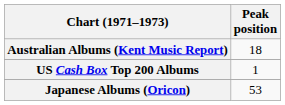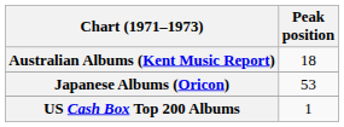 <table class="wikitable sortable plainrowheaders">
 <tr>
 <th>Chart (1971–1973)</th>
 <th>Peak<br>position</th>
 </tr>
 <tr>
 <th scope="row">Australian Albums (<a href='#'>Kent Music Report</a>)</th>
 <td align="center">18</td>
 </tr>
 <tr>
 </tr>
 <tr>
-<th scope="row">US <em><a href='#'>Cash Box</a></em> Top 200 Albums</th>
-<td align="center">1</td>
+<th scope="row">Japanese Albums (<a href='#'>Oricon</a>)</th>
+<td align="center">53</td>
 </tr>
 <tr>
 </tr>
 <tr>
 </tr>
 <tr>
-<th scope="row">Japanese Albums (<a href='#'>Oricon</a>)</th>
-<td align="center">53</td>
+<th scope="row">US <em><a href='#'>Cash Box</a></em> Top 200 Albums</th>
+<td align="center">1</td>
 </tr>
 </table>
